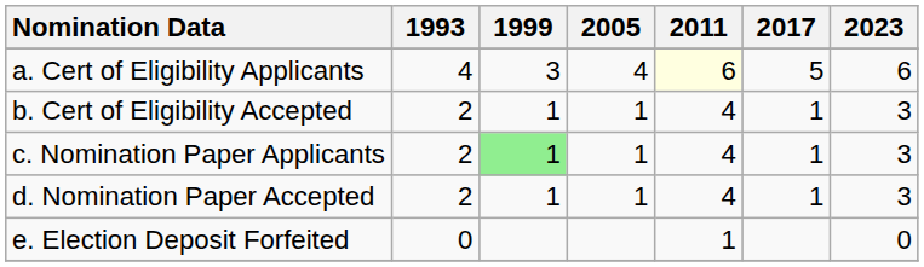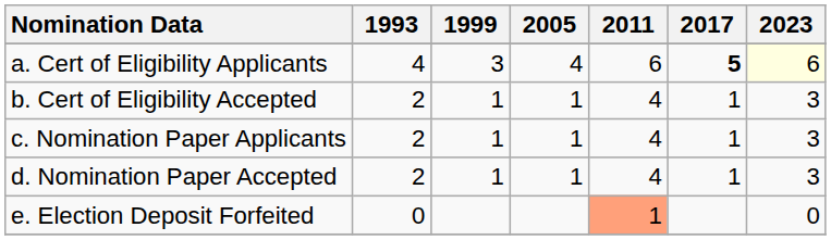 <table class=wikitable style="font-size:90%">
 <tr>
 <th style="text-align:left">Nomination Data</th>
 <th style=width:2.8em><strong>1993</strong></th>
 <th style=width:2.8em><strong>1999</strong></th>
 <th style=width:2.8em><strong>2005</strong></th>
 <th style=width:2.8em><strong>2011</strong></th>
 <th style=width:2.8em><strong>2017</strong></th>
 <th style=width:2.8em><strong>2023</strong></th>
 </tr>
 <tr>
 </tr>
 <tr style="vertical-align: top;">
 </tr>
 <tr>
 </tr>
 <tr style="background-color:#CEE0F2">
 </tr>
 <tr>
 <td>a. Cert of Eligibility Applicants</td>
 <td style="text-align:right">4</td>
 <td style="text-align:right">3</td>
 <td style="text-align:right">4</td>
+<td style="text-align:right">6</td>
+<td style="text-align:right"><strong>5</strong></td>
 <td style="background: lightyellow; text-align:right">6</td>
-<td style="text-align:right">5</td>
-<td style="text-align:right">6</td>
 </tr>
 <tr>
 <td>b. Cert of Eligibility Accepted</td>
 <td style="text-align:right">2</td>
 <td style="text-align:right">1</td>
 <td style="text-align:right">1</td>
 <td style="text-align:right">4</td>
 <td style="text-align:right">1</td>
 <td style="text-align:right">3</td>
 </tr>
 <tr>
 <td>c. Nomination Paper Applicants</td>
 <td style="text-align:right">2</td>
-<td style="background: lightgreen; text-align:right">1</td>
+<td style="text-align:right">1</td>
 <td style="text-align:right">1</td>
 <td style="text-align:right">4</td>
 <td style="text-align:right">1</td>
 <td style="text-align:right">3</td>
 </tr>
 <tr>
 <td>d. Nomination Paper Accepted</td>
 <td style="text-align:right">2</td>
 <td style="text-align:right">1</td>
 <td style="text-align:right">1</td>
 <td style="text-align:right">4</td>
 <td style="text-align:right">1</td>
 <td style="text-align:right">3</td>
 </tr>
 <tr>
 <td>e. Election Deposit Forfeited</td>
 <td style="text-align:right">0</td>
 <td style="text-align:right"></td>
 <td style="text-align:right"></td>
-<td style="text-align:right">1</td>
+<td style="background: lightsalmon; text-align:right">1</td>
 <td style="text-align:right"></td>
 <td style="text-align:right">0</td>
 </tr>
 <tr>
 </tr>
 </table>
